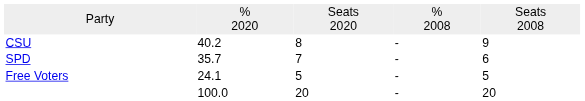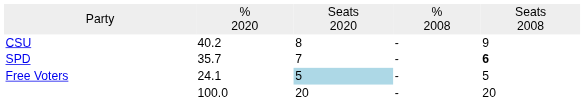 <table border="0" cellpadding="2" cellspacing="0" width="60%">
 <tr bgcolor="#eeeeee" align="center">
 <td>Party</td>
 <td>%<br>2020</td>
 <td>Seats<br>2020</td>
 <td>%<br>2008</td>
 <td>Seats<br>2008</td>
 </tr>
 <tr>
 <td><a href='#'>CSU</a></td>
 <td>40.2</td>
 <td>8</td>
 <td>-</td>
 <td>9</td>
 </tr>
 <tr>
 <td><a href='#'>SPD</a></td>
 <td>35.7</td>
 <td>7</td>
 <td>-</td>
-<td>6</td>
+<td><strong>6</strong></td>
 </tr>
 <tr>
 <td><a href='#'>Free Voters</a></td>
 <td>24.1</td>
-<td>5</td>
+<td style="background: lightblue;">5</td>
 <td>-</td>
 <td>5</td>
 </tr>
 <tr>
 <td></td>
 <td>100.0</td>
 <td>20</td>
 <td>-</td>
 <td>20</td>
 </tr>
 </table>
